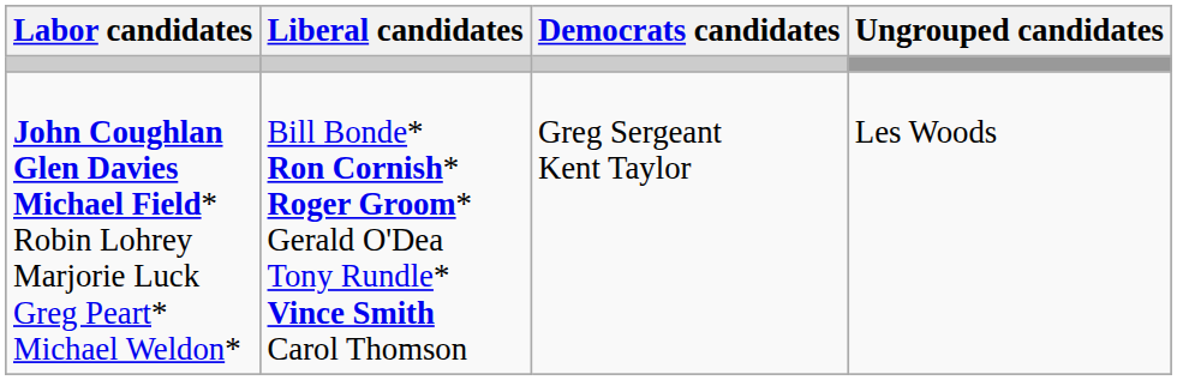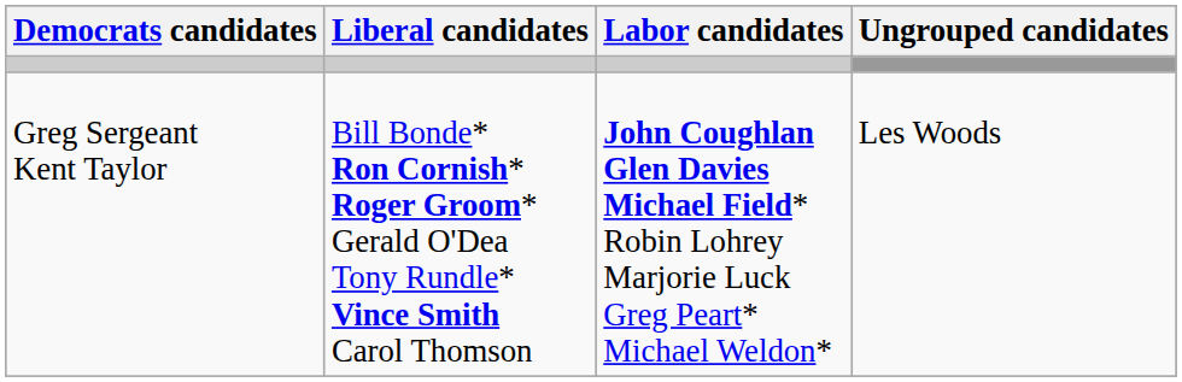 <table class="wikitable">
 <tr>
+<th><a href='#'>Democrats</a> candidates</th>
+<th><a href='#'>Liberal</a> candidates</th>
 <th><a href='#'>Labor</a> candidates</th>
-<th><a href='#'>Liberal</a> candidates</th>
-<th><a href='#'>Democrats</a> candidates</th>
 <th>Ungrouped candidates</th>
 </tr>
 <tr bgcolor="#cccccc">
 <td></td>
 <td></td>
 <td></td>
 <td bgcolor="#999999"></td>
 </tr>
 <tr>
+<td valign=top><br>Greg Sergeant<br> Kent Taylor</td>
+<td><br><a href='#'>Bill Bonde</a>*<br> <strong><a href='#'>Ron Cornish</a></strong>*<br> <strong><a href='#'>Roger Groom</a></strong>*<br> Gerald O'Dea<br> <a href='#'>Tony Rundle</a>*<br> <strong><a href='#'>Vince Smith</a></strong><br> Carol Thomson</td>
 <td><br><strong><a href='#'>John Coughlan</a></strong><br> <strong><a href='#'>Glen Davies</a></strong><br> <strong><a href='#'>Michael Field</a></strong>*<br> Robin Lohrey<br> Marjorie Luck<br> <a href='#'>Greg Peart</a>*<br> <a href='#'>Michael Weldon</a>*</td>
-<td><br><a href='#'>Bill Bonde</a>*<br> <strong><a href='#'>Ron Cornish</a></strong>*<br> <strong><a href='#'>Roger Groom</a></strong>*<br> Gerald O'Dea<br> <a href='#'>Tony Rundle</a>*<br> <strong><a href='#'>Vince Smith</a></strong><br> Carol Thomson</td>
-<td valign=top><br>Greg Sergeant<br> Kent Taylor</td>
 <td valign=top><br>Les Woods</td>
 </tr>
 </table>
